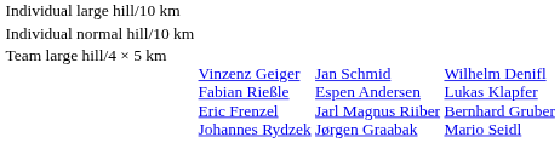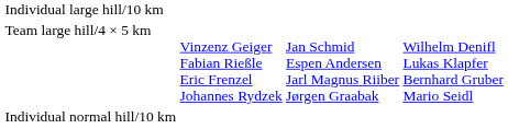 <table>
 <tr valign="top">
 <td>Individual large hill/10 km<br></td>
-<td></td>
-<td></td>
-<td></td>
-</tr>
-<tr valign="top">
-<td>Individual normal hill/10 km<br></td>
 <td></td>
 <td></td>
 <td></td>
 </tr>
 <tr valign="top">
 <td>Team large hill/4 × 5 km<br></td>
 <td><br><a href='#'>Vinzenz Geiger</a><br><a href='#'>Fabian Rießle</a><br><a href='#'>Eric Frenzel</a><br><a href='#'>Johannes Rydzek</a></td>
 <td><br><a href='#'>Jan Schmid</a><br><a href='#'>Espen Andersen</a><br><a href='#'>Jarl Magnus Riiber</a><br><a href='#'>Jørgen Graabak</a></td>
 <td><br><a href='#'>Wilhelm Denifl</a><br><a href='#'>Lukas Klapfer</a><br><a href='#'>Bernhard Gruber</a><br><a href='#'>Mario Seidl</a></td>
 </tr>
+<tr valign="top">
+<td>Individual normal hill/10 km<br></td>
+<td></td>
+<td></td>
+<td></td>
+</tr>
 </table>
